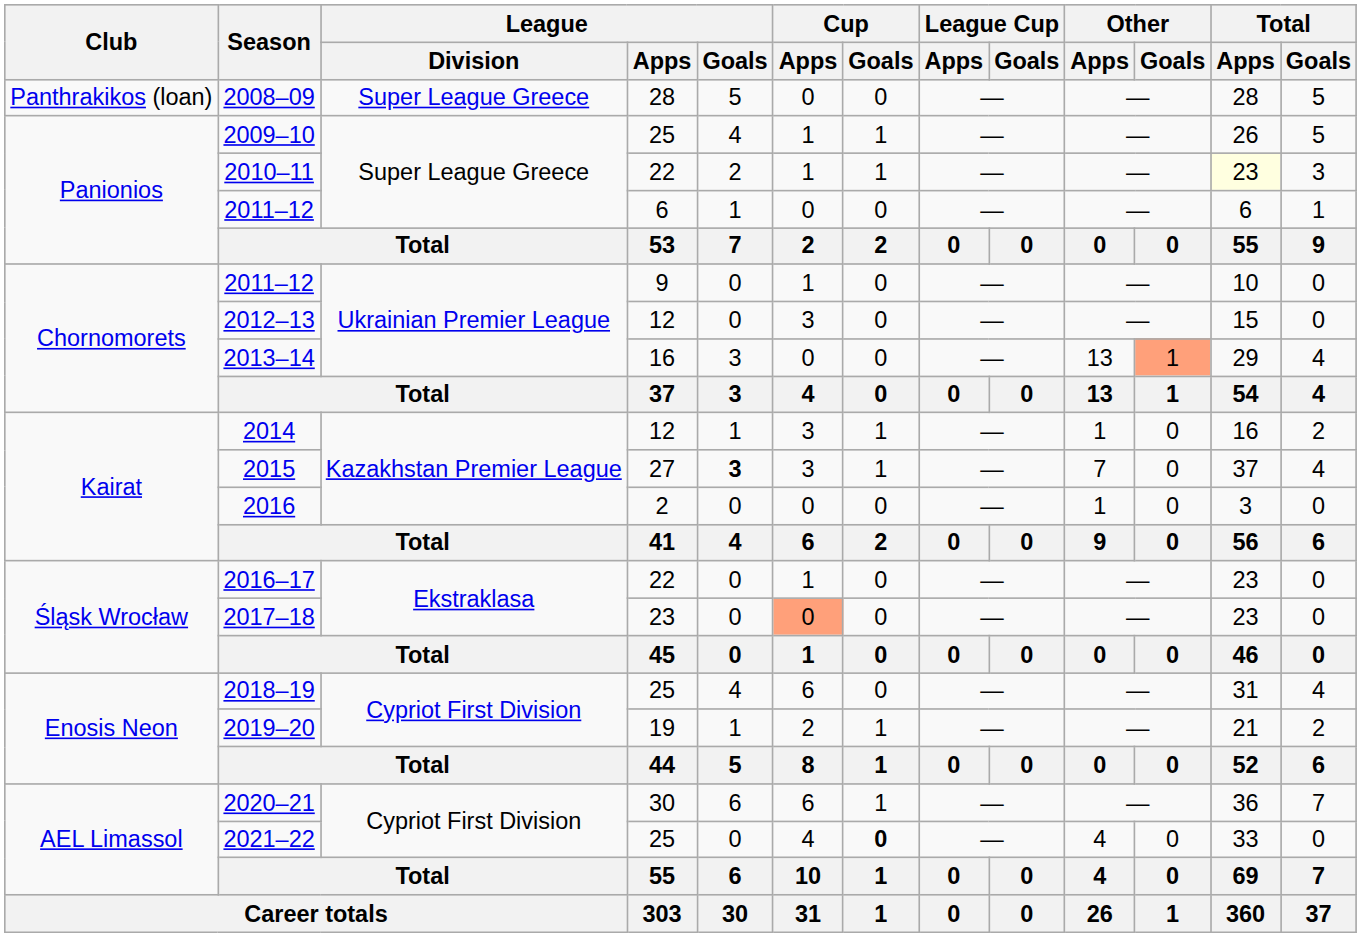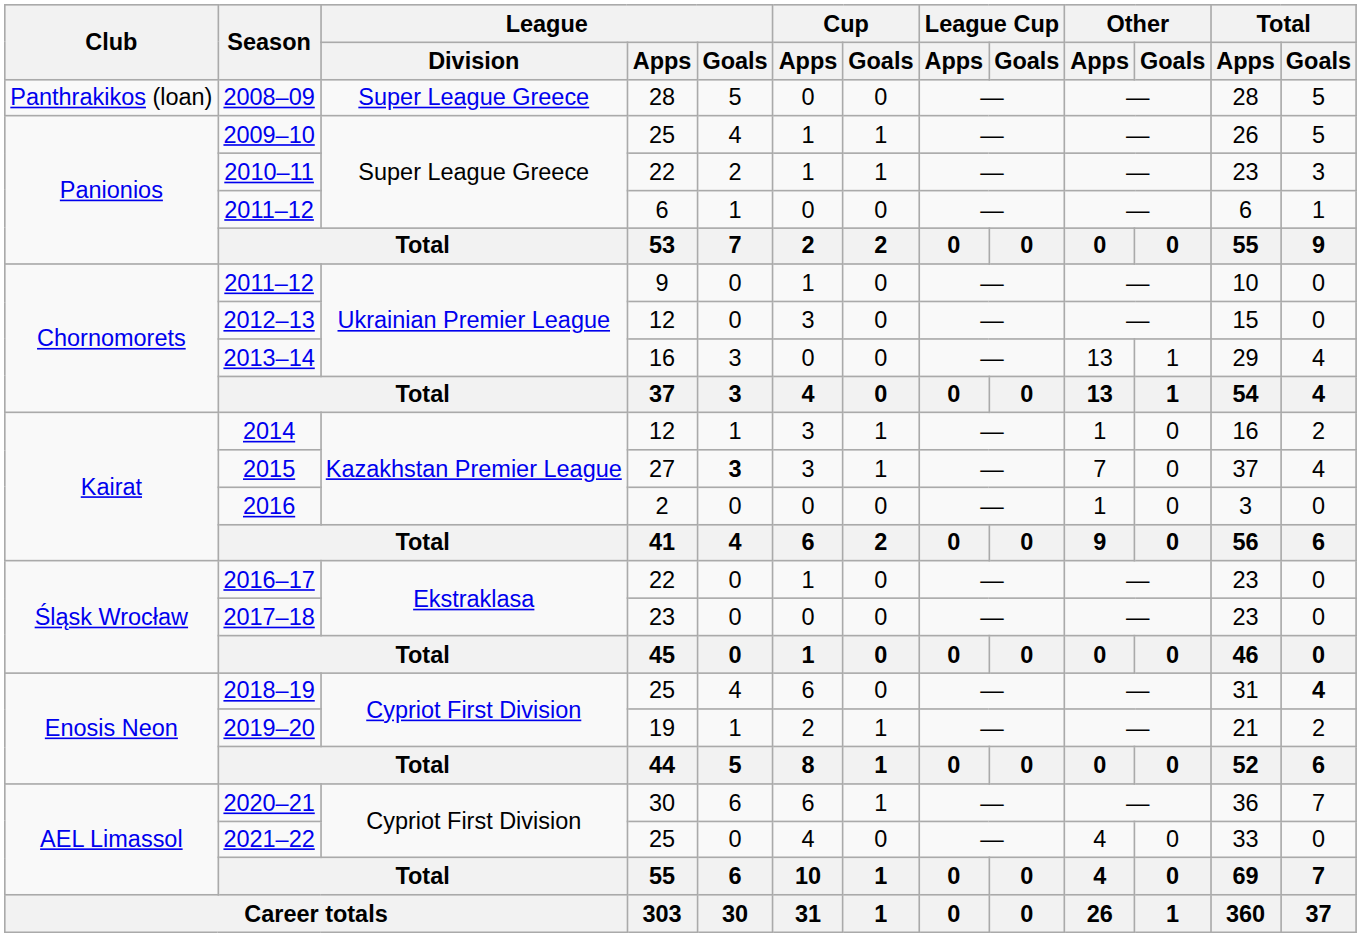 <table class="wikitable" style="font-size:90%; text-align: center">
 <tr>
 <th rowspan=2>Club</th>
 <th rowspan=2>Season</th>
 <th colspan=3>League</th>
 <th colspan=2>Cup</th>
 <th colspan=2>League Cup</th>
 <th colspan=2>Other</th>
 <th colspan=2>Total</th>
 </tr>
 <tr>
 <th>Division</th>
 <th>Apps</th>
 <th>Goals</th>
 <th>Apps</th>
 <th>Goals</th>
 <th>Apps</th>
 <th>Goals</th>
 <th>Apps</th>
 <th>Goals</th>
 <th>Apps</th>
 <th>Goals</th>
 </tr>
 <tr>
 <td><a href='#'>Panthrakikos</a> (loan)</td>
 <td><a href='#'>2008–09</a></td>
 <td><a href='#'>Super League Greece</a></td>
 <td>28</td>
 <td>5</td>
 <td>0</td>
 <td>0</td>
 <td colspan=2>—</td>
 <td colspan=2>—</td>
 <td>28</td>
 <td>5</td>
 </tr>
 <tr>
 <td rowspan=4><a href='#'>Panionios</a></td>
 <td><a href='#'>2009–10</a></td>
 <td rowspan=3>Super League Greece</td>
 <td>25</td>
 <td>4</td>
 <td>1</td>
 <td>1</td>
 <td colspan=2>—</td>
 <td colspan=2>—</td>
 <td>26</td>
 <td>5</td>
 </tr>
 <tr>
 <td><a href='#'>2010–11</a></td>
 <td>22</td>
 <td>2</td>
 <td>1</td>
 <td>1</td>
 <td colspan=2>—</td>
 <td colspan=2>—</td>
-<td style="background: lightyellow;">23</td>
+<td>23</td>
 <td>3</td>
 </tr>
 <tr>
 <td><a href='#'>2011–12</a></td>
 <td>6</td>
 <td>1</td>
 <td>0</td>
 <td>0</td>
 <td colspan=2>—</td>
 <td colspan=2>—</td>
 <td>6</td>
 <td>1</td>
 </tr>
 <tr>
 <th colspan=2>Total</th>
 <th>53</th>
 <th>7</th>
 <th>2</th>
 <th>2</th>
 <th>0</th>
 <th>0</th>
 <th>0</th>
 <th>0</th>
 <th>55</th>
 <th>9</th>
 </tr>
 <tr>
 <td rowspan=4><a href='#'>Chornomorets</a></td>
 <td><a href='#'>2011–12</a></td>
 <td rowspan=3><a href='#'>Ukrainian Premier League</a></td>
 <td>9</td>
 <td>0</td>
 <td>1</td>
 <td>0</td>
 <td colspan=2>—</td>
 <td colspan=2>—</td>
 <td>10</td>
 <td>0</td>
 </tr>
 <tr>
 <td><a href='#'>2012–13</a></td>
 <td>12</td>
 <td>0</td>
 <td>3</td>
 <td>0</td>
 <td colspan=2>—</td>
 <td colspan=2>—</td>
 <td>15</td>
 <td>0</td>
 </tr>
 <tr>
 <td><a href='#'>2013–14</a></td>
 <td>16</td>
 <td>3</td>
 <td>0</td>
 <td>0</td>
 <td colspan=2>—</td>
 <td>13</td>
-<td style="background: lightsalmon;">1</td>
+<td>1</td>
 <td>29</td>
 <td>4</td>
 </tr>
 <tr>
 <th colspan=2>Total</th>
 <th>37</th>
 <th>3</th>
 <th>4</th>
 <th>0</th>
 <th>0</th>
 <th>0</th>
 <th>13</th>
 <th>1</th>
 <th>54</th>
 <th>4</th>
 </tr>
 <tr>
 <td rowspan=4><a href='#'>Kairat</a></td>
 <td><a href='#'>2014</a></td>
 <td rowspan=3><a href='#'>Kazakhstan Premier League</a></td>
 <td>12</td>
 <td>1</td>
 <td>3</td>
 <td>1</td>
 <td colspan=2>—</td>
 <td>1</td>
 <td>0</td>
 <td>16</td>
 <td>2</td>
 </tr>
 <tr>
 <td><a href='#'>2015</a></td>
 <td>27</td>
 <td><strong>3</strong></td>
 <td>3</td>
 <td>1</td>
 <td colspan=2>—</td>
 <td>7</td>
 <td>0</td>
 <td>37</td>
 <td>4</td>
 </tr>
 <tr>
 <td><a href='#'>2016</a></td>
 <td>2</td>
 <td>0</td>
 <td>0</td>
 <td>0</td>
 <td colspan=2>—</td>
 <td>1</td>
 <td>0</td>
 <td>3</td>
 <td>0</td>
 </tr>
 <tr>
 <th colspan=2>Total</th>
 <th>41</th>
 <th>4</th>
 <th>6</th>
 <th>2</th>
 <th>0</th>
 <th>0</th>
 <th>9</th>
 <th>0</th>
 <th>56</th>
 <th>6</th>
 </tr>
 <tr>
 <td rowspan=3><a href='#'>Śląsk Wrocław</a></td>
 <td><a href='#'>2016–17</a></td>
 <td rowspan=2><a href='#'>Ekstraklasa</a></td>
 <td>22</td>
 <td>0</td>
 <td>1</td>
 <td>0</td>
 <td colspan=2>—</td>
 <td colspan=2>—</td>
 <td>23</td>
 <td>0</td>
 </tr>
 <tr>
 <td><a href='#'>2017–18</a></td>
 <td>23</td>
 <td>0</td>
-<td style="background: lightsalmon;">0</td>
+<td>0</td>
 <td>0</td>
 <td colspan=2>—</td>
 <td colspan=2>—</td>
 <td>23</td>
 <td>0</td>
 </tr>
 <tr>
 <th colspan=2>Total</th>
 <th>45</th>
 <th>0</th>
 <th>1</th>
 <th>0</th>
 <th>0</th>
 <th>0</th>
 <th>0</th>
 <th>0</th>
 <th>46</th>
 <th>0</th>
 </tr>
 <tr>
 <td rowspan=3><a href='#'>Enosis Neon</a></td>
 <td><a href='#'>2018–19</a></td>
 <td rowspan=2><a href='#'>Cypriot First Division</a></td>
 <td>25</td>
 <td>4</td>
 <td>6</td>
 <td>0</td>
 <td colspan=2>—</td>
 <td colspan=2>—</td>
 <td>31</td>
-<td>4</td>
+<td><strong>4</strong></td>
 </tr>
 <tr>
 <td><a href='#'>2019–20</a></td>
 <td>19</td>
 <td>1</td>
 <td>2</td>
 <td>1</td>
 <td colspan=2>—</td>
 <td colspan=2>—</td>
 <td>21</td>
 <td>2</td>
 </tr>
 <tr>
 <th colspan=2>Total</th>
 <th>44</th>
 <th>5</th>
 <th>8</th>
 <th>1</th>
 <th>0</th>
 <th>0</th>
 <th>0</th>
 <th>0</th>
 <th>52</th>
 <th>6</th>
 </tr>
 <tr>
 <td rowspan=3><a href='#'>AEL Limassol</a></td>
 <td><a href='#'>2020–21</a></td>
 <td rowspan=2>Cypriot First Division</td>
 <td>30</td>
 <td>6</td>
 <td>6</td>
 <td>1</td>
 <td colspan=2>—</td>
 <td colspan=2>—</td>
 <td>36</td>
 <td>7</td>
 </tr>
 <tr>
 <td><a href='#'>2021–22</a></td>
 <td>25</td>
 <td>0</td>
 <td>4</td>
-<td><strong>0</strong></td>
+<td>0</td>
 <td colspan=2>—</td>
 <td>4</td>
 <td>0</td>
 <td>33</td>
 <td>0</td>
 </tr>
 <tr>
 <th colspan=2>Total</th>
 <th>55</th>
 <th>6</th>
 <th>10</th>
 <th>1</th>
 <th>0</th>
 <th>0</th>
 <th>4</th>
 <th>0</th>
 <th>69</th>
 <th>7</th>
 </tr>
 <tr>
 <th colspan=3>Career totals</th>
 <th>303</th>
 <th>30</th>
 <th>31</th>
 <th>1</th>
 <th>0</th>
 <th>0</th>
 <th>26</th>
 <th>1</th>
 <th>360</th>
 <th>37</th>
 </tr>
 </table>
